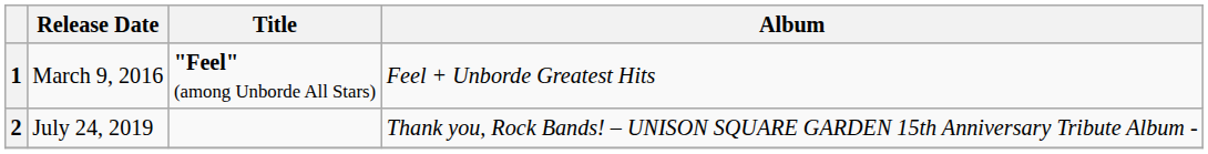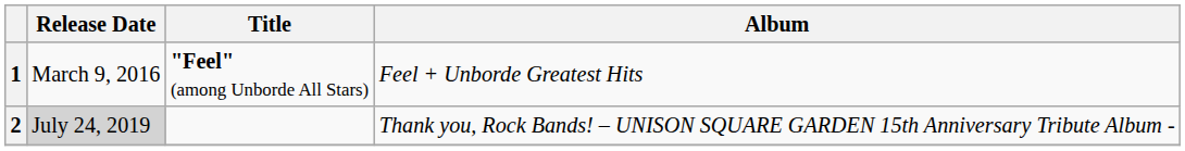 <table class="wikitable" style="font-size:small">
 <tr>
 <th></th>
 <th>Release Date</th>
 <th>Title</th>
 <th>Album</th>
 </tr>
 <tr>
 <th>1</th>
 <td>March 9, 2016</td>
 <td><strong>"Feel"</strong> <br><small>(among Unborde All Stars)</small></td>
 <td><em>Feel + Unborde Greatest Hits</em></td>
 </tr>
 <tr>
 <th>2</th>
-<td>July 24, 2019</td>
+<td style="background: lightgrey;">July 24, 2019</td>
 <td><strong></strong></td>
 <td><em>Thank you, Rock Bands! – UNISON SQUARE GARDEN 15th Anniversary Tribute Album -</em></td>
 </tr>
 <tr>
 </tr>
 </table>
